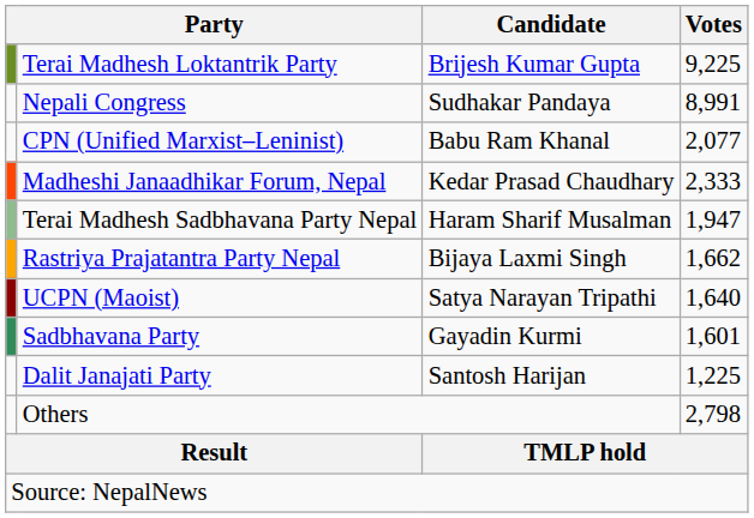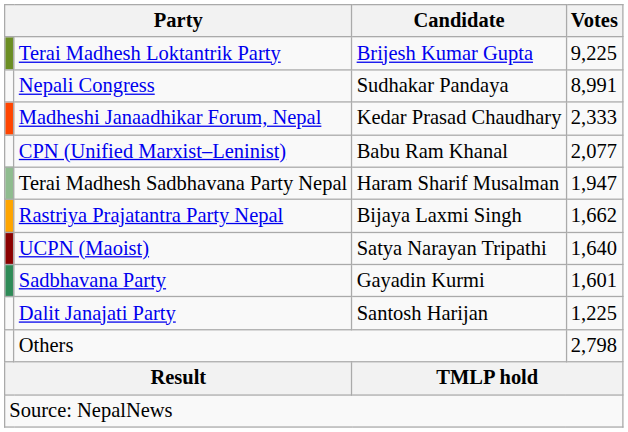 <table class="wikitable">
 <tr>
 <th colspan="2">Party</th>
 <th>Candidate</th>
 <th>Votes</th>
 </tr>
 <tr>
 <td style="background-color:olivedrab"></td>
 <td><a href='#'>Terai Madhesh Loktantrik Party</a></td>
 <td><a href='#'>Brijesh Kumar Gupta</a></td>
 <td>9,225</td>
 </tr>
 <tr>
 <td style="background-color:"></td>
 <td><a href='#'>Nepali Congress</a></td>
 <td>Sudhakar Pandaya</td>
 <td>8,991</td>
 </tr>
 <tr>
+<td style="background-color:orangered"></td>
+<td><a href='#'>Madheshi Janaadhikar Forum, Nepal</a></td>
+<td>Kedar Prasad Chaudhary</td>
+<td>2,333</td>
+</tr>
+<tr>
 <td style="background-color:"></td>
 <td><a href='#'>CPN (Unified Marxist–Leninist)</a></td>
 <td>Babu Ram Khanal</td>
 <td>2,077</td>
-</tr>
-<tr>
-<td style="background-color:orangered"></td>
-<td><a href='#'>Madheshi Janaadhikar Forum, Nepal</a></td>
-<td>Kedar Prasad Chaudhary</td>
-<td>2,333</td>
 </tr>
 <tr>
 <td style="background-color:darkseagreen"></td>
 <td>Terai Madhesh Sadbhavana Party Nepal</td>
 <td>Haram Sharif Musalman</td>
 <td>1,947</td>
 </tr>
 <tr>
 <td style="background-color:orange"></td>
 <td><a href='#'>Rastriya Prajatantra Party Nepal</a></td>
 <td>Bijaya Laxmi Singh</td>
 <td>1,662</td>
 </tr>
 <tr>
 <td style="background-color:darkred"></td>
 <td><a href='#'>UCPN (Maoist)</a></td>
 <td>Satya Narayan Tripathi</td>
 <td>1,640</td>
 </tr>
 <tr>
 <td style="background-color:seagreen"></td>
 <td><a href='#'>Sadbhavana Party</a></td>
 <td>Gayadin Kurmi</td>
 <td>1,601</td>
 </tr>
 <tr>
 <td></td>
 <td><a href='#'>Dalit Janajati Party</a></td>
 <td>Santosh Harijan</td>
 <td>1,225</td>
 </tr>
 <tr>
 <td></td>
 <td colspan="2">Others</td>
 <td>2,798</td>
 </tr>
 <tr>
 <th colspan="2">Result</th>
 <th colspan="2">TMLP hold</th>
 </tr>
 <tr>
 <td colspan="4">Source: NepalNews</td>
 </tr>
 </table>
